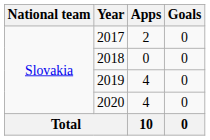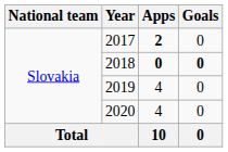 <table class=wikitable style=text-align:center>
 <tr>
 <th>National team</th>
 <th>Year</th>
 <th>Apps</th>
 <th>Goals</th>
 </tr>
 <tr>
 <td rowspan=4><a href='#'>Slovakia</a></td>
 <td>2017</td>
-<td>2</td>
+<td><strong>2</strong></td>
 <td>0</td>
 </tr>
 <tr>
 <td>2018</td>
-<td>0</td>
-<td>0</td>
+<td><strong>0</strong></td>
+<td><strong>0</strong></td>
 </tr>
 <tr>
 <td>2019</td>
 <td>4</td>
 <td>0</td>
 </tr>
 <tr>
 <td>2020</td>
 <td>4</td>
 <td>0</td>
 </tr>
 <tr>
 <th colspan=2>Total</th>
 <th>10</th>
 <th>0</th>
 </tr>
 </table>
